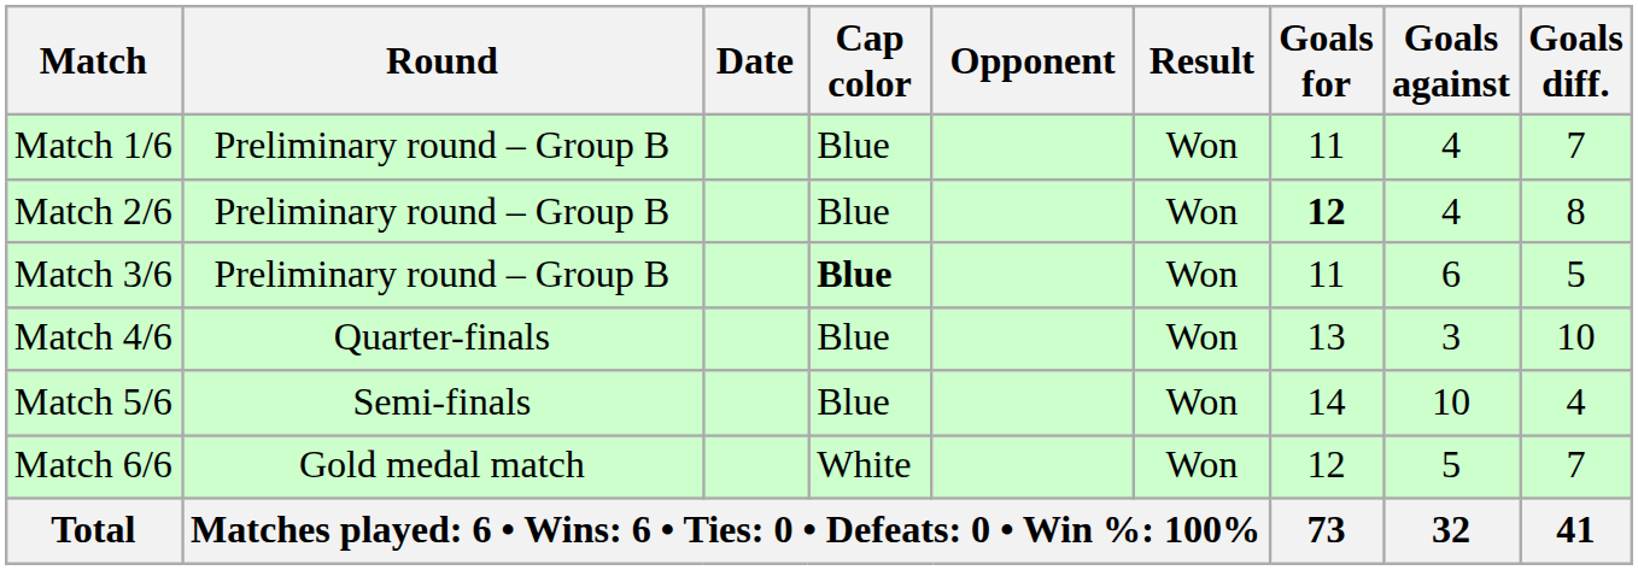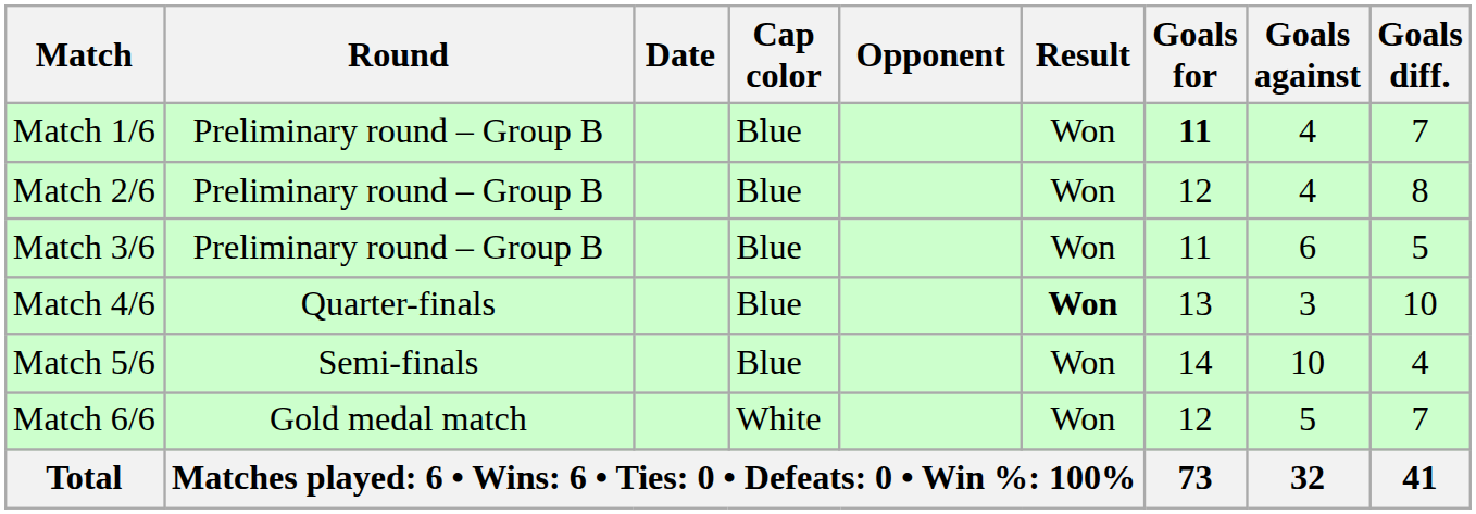 <table class="wikitable sortable" style="text-align: center; font-size: 85%; margin-left: 1em;">
 <tr>
 <th>Match</th>
 <th>Round</th>
 <th>Date</th>
 <th>Cap<br>color</th>
 <th>Opponent</th>
 <th>Result</th>
 <th>Goals<br>for</th>
 <th>Goals<br>against</th>
 <th>Goals<br>diff.</th>
 </tr>
 <tr style="background-color: #ccffcc;">
 <td>Match 1/6</td>
 <td>Preliminary round – Group B</td>
 <td style="text-align: right;"></td>
 <td style="text-align: left;"> Blue</td>
 <td style="text-align: left;"></td>
 <td>Won</td>
-<td>11</td>
+<td><strong>11</strong></td>
 <td>4</td>
 <td>7</td>
 </tr>
 <tr style="background-color: #ccffcc;">
 <td>Match 2/6</td>
 <td>Preliminary round – Group B</td>
 <td style="text-align: right;"></td>
 <td style="text-align: left;"> Blue</td>
 <td style="text-align: left;"></td>
 <td>Won</td>
-<td><strong>12</strong></td>
+<td>12</td>
 <td>4</td>
 <td>8</td>
 </tr>
 <tr style="background-color: #ccffcc;">
 <td>Match 3/6</td>
 <td>Preliminary round – Group B</td>
 <td style="text-align: right;"></td>
-<td style="text-align: left;"><strong> Blue</strong></td>
+<td style="text-align: left;"> Blue</td>
 <td style="text-align: left;"></td>
 <td>Won</td>
 <td>11</td>
 <td>6</td>
 <td>5</td>
 </tr>
 <tr style="background-color: #ccffcc;">
 <td>Match 4/6</td>
 <td>Quarter-finals</td>
 <td style="text-align: right;"></td>
 <td style="text-align: left;"> Blue</td>
 <td style="text-align: left;"></td>
-<td>Won</td>
+<td><strong>Won</strong></td>
 <td>13</td>
 <td>3</td>
 <td>10</td>
 </tr>
 <tr style="background-color: #ccffcc;">
 <td>Match 5/6</td>
 <td>Semi-finals</td>
 <td style="text-align: right;"></td>
 <td style="text-align: left;"> Blue</td>
 <td style="text-align: left;"></td>
 <td>Won</td>
 <td>14</td>
 <td>10</td>
 <td>4</td>
 </tr>
 <tr style="background-color: #ccffcc;">
 <td>Match 6/6</td>
 <td>Gold medal match</td>
 <td style="text-align: right;"></td>
 <td style="text-align: left;"> White</td>
 <td style="text-align: left;"></td>
 <td>Won</td>
 <td>12</td>
 <td>5</td>
 <td>7</td>
 </tr>
 <tr>
 <th>Total</th>
 <th colspan="5">Matches played: 6 • Wins: 6 • Ties: 0 • Defeats: 0 • Win %: 100%</th>
 <th>73</th>
 <th>32</th>
 <th>41</th>
 </tr>
 </table>
